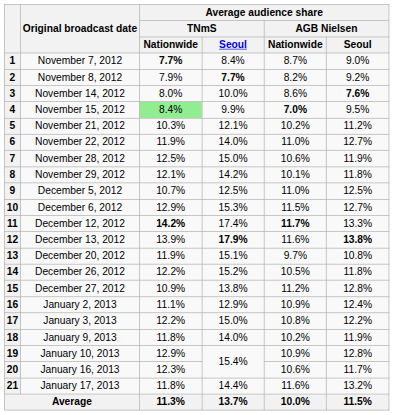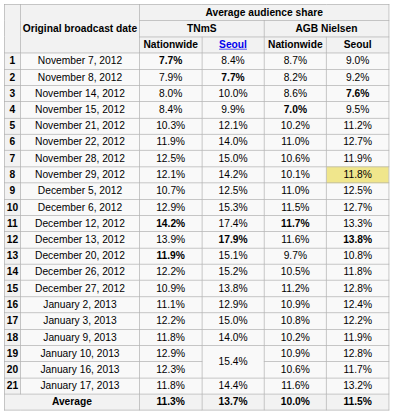 <table class=wikitable style="text-align:center">
 <tr>
 <th rowspan="3"></th>
 <th rowspan="3">Original broadcast date</th>
 <th colspan="4">Average audience share</th>
 </tr>
 <tr>
 <th colspan="2">TNmS</th>
 <th colspan="2">AGB Nielsen</th>
 </tr>
 <tr>
 <th width=90>Nationwide</th>
 <th width=90><a href='#'>Seoul</a></th>
 <th width=90>Nationwide</th>
 <th width=90>Seoul</th>
 </tr>
 <tr>
 <th>1</th>
 <td>November 7, 2012</td>
 <td><span><strong>7.7%</strong></span></td>
 <td>8.4%</td>
 <td>8.7%</td>
 <td>9.0%</td>
 </tr>
 <tr>
 <th>2</th>
 <td>November 8, 2012</td>
 <td>7.9%</td>
 <td><span><strong>7.7%</strong></span></td>
 <td>8.2%</td>
 <td>9.2%</td>
 </tr>
 <tr>
 <th>3</th>
 <td>November 14, 2012</td>
 <td>8.0%</td>
 <td>10.0%</td>
 <td>8.6%</td>
 <td><span><strong>7.6%</strong></span></td>
 </tr>
 <tr>
 <th>4</th>
 <td>November 15, 2012</td>
-<td style="background: lightgreen;">8.4%</td>
+<td>8.4%</td>
 <td>9.9%</td>
 <td><span><strong>7.0%</strong></span></td>
 <td>9.5%</td>
 </tr>
 <tr>
 <th>5</th>
 <td>November 21, 2012</td>
 <td>10.3%</td>
 <td>12.1%</td>
 <td>10.2%</td>
 <td>11.2%</td>
 </tr>
 <tr>
 <th>6</th>
 <td>November 22, 2012</td>
 <td>11.9%</td>
 <td>14.0%</td>
 <td>11.0%</td>
 <td>12.7%</td>
 </tr>
 <tr>
 <th>7</th>
 <td>November 28, 2012</td>
 <td>12.5%</td>
 <td>15.0%</td>
 <td>10.6%</td>
 <td>11.9%</td>
 </tr>
 <tr>
 <th>8</th>
 <td>November 29, 2012</td>
 <td>12.1%</td>
 <td>14.2%</td>
 <td>10.1%</td>
-<td>11.8%</td>
+<td style="background: khaki;">11.8%</td>
 </tr>
 <tr>
 <th>9</th>
 <td>December 5, 2012</td>
 <td>10.7%</td>
 <td>12.5%</td>
 <td>11.0%</td>
 <td>12.5%</td>
 </tr>
 <tr>
 <th>10</th>
 <td>December 6, 2012</td>
 <td>12.9%</td>
 <td>15.3%</td>
 <td>11.5%</td>
 <td>12.7%</td>
 </tr>
 <tr>
 <th>11</th>
 <td>December 12, 2012</td>
 <td><span><strong>14.2%</strong></span></td>
 <td>17.4%</td>
 <td><span><strong>11.7%</strong></span></td>
 <td>13.3%</td>
 </tr>
 <tr>
 <th>12</th>
 <td>December 13, 2012</td>
 <td>13.9%</td>
 <td><span><strong>17.9%</strong></span></td>
 <td>11.6%</td>
 <td><span><strong>13.8%</strong></span></td>
 </tr>
 <tr>
 <th>13</th>
 <td>December 20, 2012</td>
-<td>11.9%</td>
+<td><strong>11.9%</strong></td>
 <td>15.1%</td>
 <td>9.7%</td>
 <td>10.8%</td>
 </tr>
 <tr>
 <th>14</th>
 <td>December 26, 2012</td>
 <td>12.2%</td>
 <td>15.2%</td>
 <td>10.5%</td>
 <td>11.8%</td>
 </tr>
 <tr>
 <th>15</th>
 <td>December 27, 2012</td>
 <td>10.9%</td>
 <td>13.8%</td>
 <td>11.2%</td>
 <td>12.8%</td>
 </tr>
 <tr>
 <th>16</th>
 <td>January 2, 2013</td>
 <td>11.1%</td>
 <td>12.9%</td>
 <td>10.9%</td>
 <td>12.4%</td>
 </tr>
 <tr>
 <th>17</th>
 <td>January 3, 2013</td>
 <td>12.2%</td>
 <td>15.0%</td>
 <td>10.8%</td>
 <td>12.2%</td>
 </tr>
 <tr>
 <th>18</th>
 <td>January 9, 2013</td>
 <td>11.8%</td>
 <td>14.0%</td>
 <td>10.2%</td>
 <td>11.9%</td>
 </tr>
 <tr>
 <th>19</th>
 <td>January 10, 2013</td>
 <td>12.9%</td>
 <td rowspan="2">15.4%</td>
 <td>10.9%</td>
 <td>12.8%</td>
 </tr>
 <tr>
 <th>20</th>
 <td>January 16, 2013</td>
 <td>12.3%</td>
 <td>10.6%</td>
 <td>11.7%</td>
 </tr>
 <tr>
 <th>21</th>
 <td>January 17, 2013</td>
 <td>11.8%</td>
 <td>14.4%</td>
 <td>11.6%</td>
 <td>13.2%</td>
 </tr>
 <tr>
 <th colspan=2>Average</th>
 <th>11.3%</th>
 <th>13.7%</th>
 <th>10.0%</th>
 <th>11.5%</th>
 </tr>
 </table>
